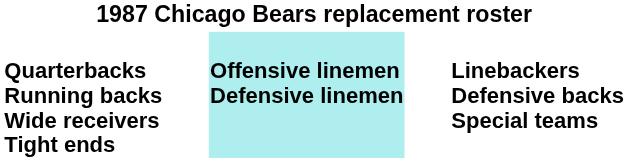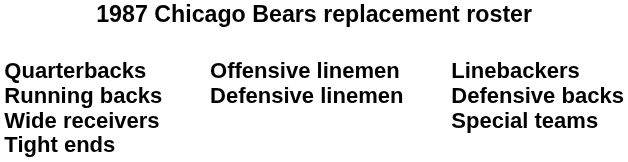 <table class="toccolours" style="text-align:left">
 <tr>
 <th colspan="7" style="text-align:center; "><strong>1987 Chicago Bears replacement roster</strong></th>
 </tr>
 <tr>
 <td style="font-size:95%" valign="top"><br><strong>Quarterbacks</strong>   <br><strong>Running backs</strong>       <br><strong>Wide receivers</strong>       <br><strong>Tight ends</strong>   </td>
 <td style="width:25px"></td>
-<td style="background: paleturquoise; font-size:95%" valign="top"><br><strong>Offensive linemen</strong>         <br><strong>Defensive linemen</strong>        </td>
+<td style="font-size:95%" valign="top"><br><strong>Offensive linemen</strong>         <br><strong>Defensive linemen</strong>        </td>
 <td style="width: 25px"></td>
 <td style="font-size:95%" valign="top"><br><strong>Linebackers</strong>        <br><strong>Defensive backs</strong>          <br><strong>Special teams</strong>    </td>
 </tr>
 </table>
